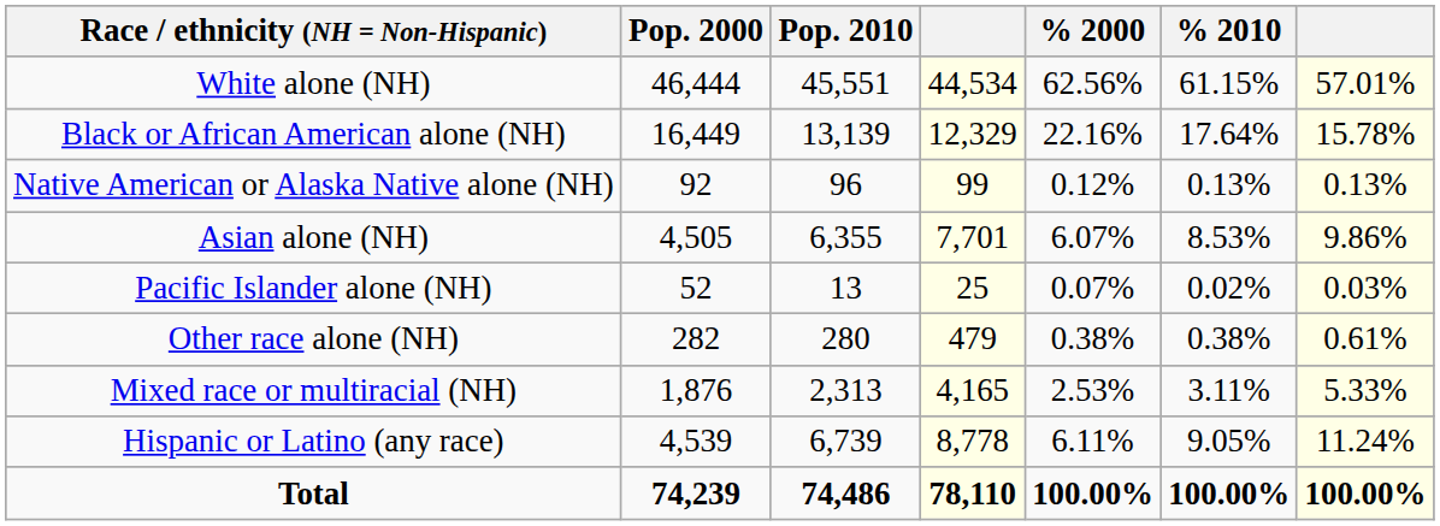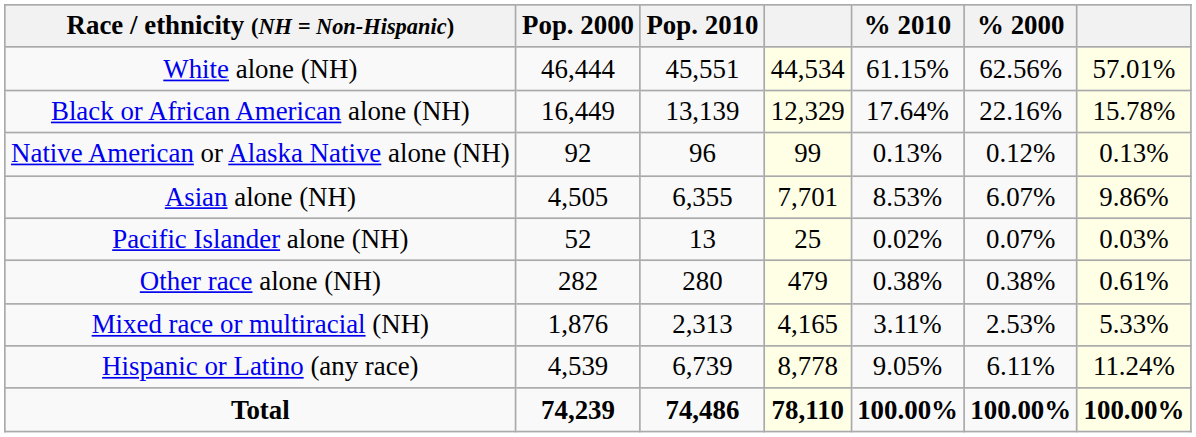 <table class="wikitable" style="text-align:center;">
 <tr>
 <th>Race / ethnicity <small>(<em>NH = Non-Hispanic</em>)</small></th>
 <th>Pop. 2000</th>
 <th>Pop. 2010</th>
 <th></th>
+<th>% 2010</th>
 <th>% 2000</th>
-<th>% 2010</th>
 <th></th>
 </tr>
 <tr>
 <td><a href='#'>White</a> alone (NH)</td>
 <td>46,444</td>
 <td>45,551</td>
 <td style='background: #ffffe6;'>44,534</td>
+<td>61.15%</td>
 <td>62.56%</td>
-<td>61.15%</td>
 <td style='background: #ffffe6;'>57.01%</td>
 </tr>
 <tr>
 <td><a href='#'>Black or African American</a> alone (NH)</td>
 <td>16,449</td>
 <td>13,139</td>
 <td style='background: #ffffe6;'>12,329</td>
+<td>17.64%</td>
 <td>22.16%</td>
-<td>17.64%</td>
 <td style='background: #ffffe6;'>15.78%</td>
 </tr>
 <tr>
 <td><a href='#'>Native American</a> or <a href='#'>Alaska Native</a> alone (NH)</td>
 <td>92</td>
 <td>96</td>
 <td style='background: #ffffe6;'>99</td>
+<td>0.13%</td>
 <td>0.12%</td>
-<td>0.13%</td>
 <td style='background: #ffffe6;'>0.13%</td>
 </tr>
 <tr>
 <td><a href='#'>Asian</a> alone (NH)</td>
 <td>4,505</td>
 <td>6,355</td>
 <td style='background: #ffffe6;'>7,701</td>
+<td>8.53%</td>
 <td>6.07%</td>
-<td>8.53%</td>
 <td style='background: #ffffe6;'>9.86%</td>
 </tr>
 <tr>
 <td><a href='#'>Pacific Islander</a> alone (NH)</td>
 <td>52</td>
 <td>13</td>
 <td style='background: #ffffe6;'>25</td>
+<td>0.02%</td>
 <td>0.07%</td>
-<td>0.02%</td>
 <td style='background: #ffffe6;'>0.03%</td>
 </tr>
 <tr>
 <td><a href='#'>Other race</a> alone (NH)</td>
 <td>282</td>
 <td>280</td>
 <td style='background: #ffffe6;'>479</td>
 <td>0.38%</td>
 <td>0.38%</td>
 <td style='background: #ffffe6;'>0.61%</td>
 </tr>
 <tr>
 <td><a href='#'>Mixed race or multiracial</a> (NH)</td>
 <td>1,876</td>
 <td>2,313</td>
 <td style='background: #ffffe6;'>4,165</td>
+<td>3.11%</td>
 <td>2.53%</td>
-<td>3.11%</td>
 <td style='background: #ffffe6;'>5.33%</td>
 </tr>
 <tr>
 <td><a href='#'>Hispanic or Latino</a> (any race)</td>
 <td>4,539</td>
 <td>6,739</td>
 <td style='background: #ffffe6;'>8,778</td>
+<td>9.05%</td>
 <td>6.11%</td>
-<td>9.05%</td>
 <td style='background: #ffffe6;'>11.24%</td>
 </tr>
 <tr>
 <td><strong>Total</strong></td>
 <td><strong>74,239</strong></td>
 <td><strong>74,486</strong></td>
 <td style='background: #ffffe6;'><strong>78,110</strong></td>
 <td><strong>100.00%</strong></td>
 <td><strong>100.00%</strong></td>
 <td style='background: #ffffe6;'><strong>100.00%</strong></td>
 </tr>
 </table>
